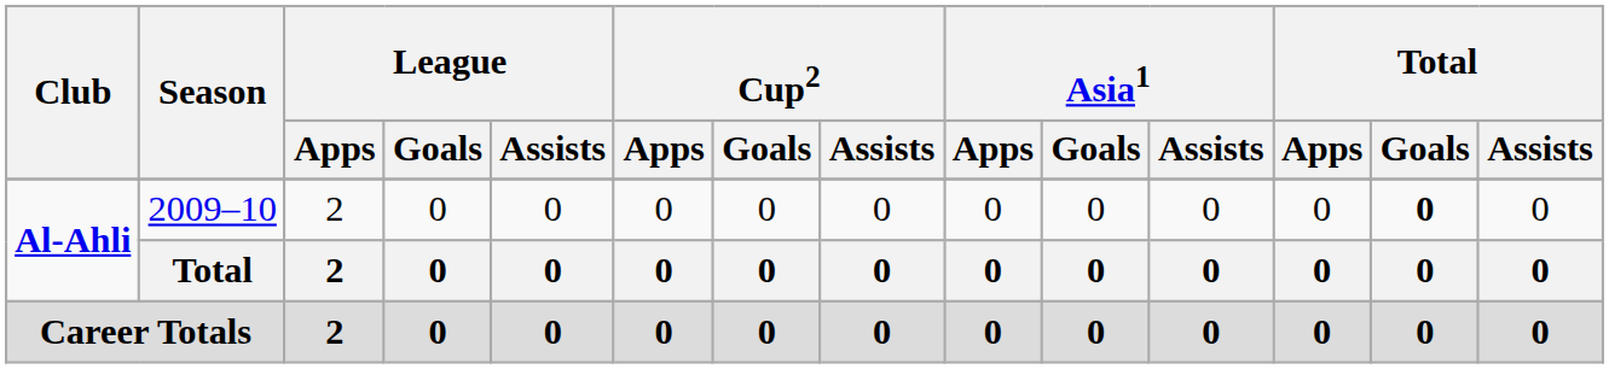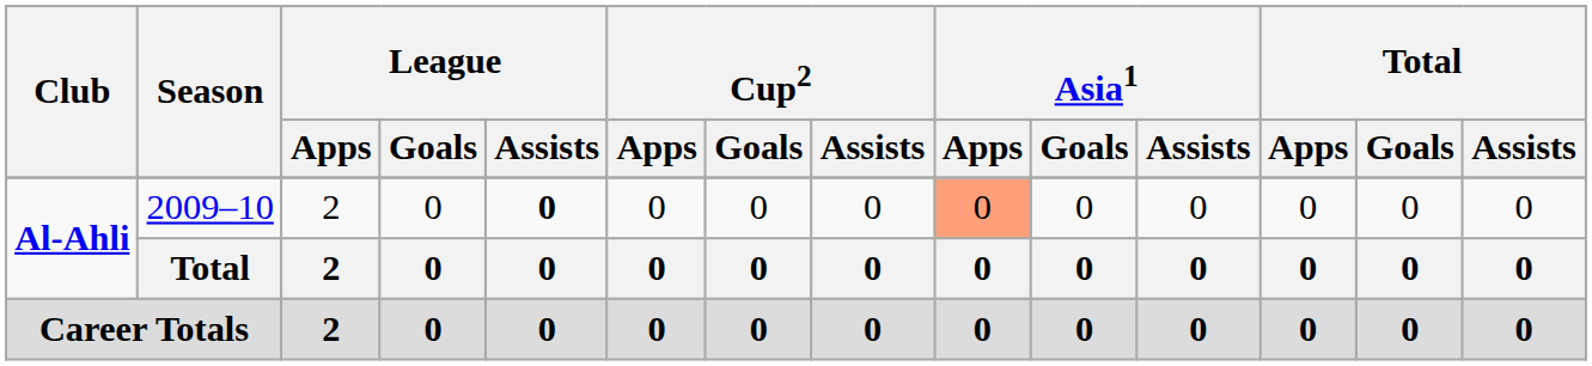 <table class="wikitable" style="font-size:90%; text-align: center;">
 <tr>
 <th rowspan="2">Club</th>
 <th rowspan="2">Season</th>
 <th colspan="3">League</th>
 <th colspan="3"><br>Cup<sup>2</sup></th>
 <th colspan="3"><br><a href='#'>Asia</a><sup>1</sup></th>
 <th colspan="3">Total</th>
 </tr>
 <tr>
 <th>Apps</th>
 <th>Goals</th>
 <th>Assists</th>
 <th>Apps</th>
 <th>Goals</th>
 <th>Assists</th>
 <th>Apps</th>
 <th>Goals</th>
 <th>Assists</th>
 <th>Apps</th>
 <th>Goals</th>
 <th>Assists</th>
 </tr>
 <tr>
 </tr>
 <tr align=center>
 <td rowspan="2" align=center valign=center><strong><a href='#'>Al-Ahli</a></strong></td>
 <td><a href='#'>2009–10</a></td>
 <td>2</td>
 <td>0</td>
+<td><strong>0</strong></td>
+<td>0</td>
+<td>0</td>
+<td>0</td>
+<td style="background: lightsalmon;">0</td>
 <td>0</td>
 <td>0</td>
 <td>0</td>
 <td>0</td>
-<td>0</td>
-<td>0</td>
-<td>0</td>
-<td>0</td>
-<td><strong>0</strong></td>
 <td>0</td>
 </tr>
 <tr align=center>
 <th>Total</th>
 <th>2</th>
 <th>0</th>
 <th>0</th>
 <th>0</th>
 <th>0</th>
 <th>0</th>
 <th>0</th>
 <th>0</th>
 <th>0</th>
 <th>0</th>
 <th>0</th>
 <th>0</th>
 </tr>
 <tr>
 <th style="background: #DCDCDC" colspan="2">Career Totals</th>
 <th style="background: #DCDCDC">2</th>
 <th style="background: #DCDCDC">0</th>
 <th style="background: #DCDCDC">0</th>
 <th style="background: #DCDCDC">0</th>
 <th style="background: #DCDCDC">0</th>
 <th style="background: #DCDCDC">0</th>
 <th style="background: #DCDCDC">0</th>
 <th style="background: #DCDCDC">0</th>
 <th style="background: #DCDCDC">0</th>
 <th style="background: #DCDCDC">0</th>
 <th style="background: #DCDCDC">0</th>
 <th style="background: #DCDCDC">0</th>
 </tr>
 </table>
